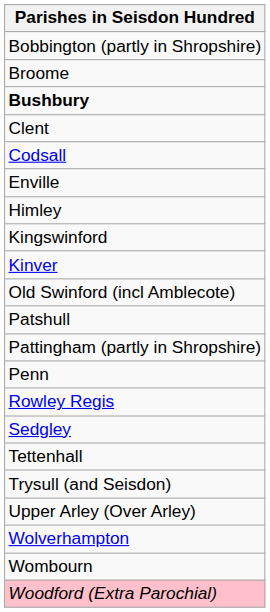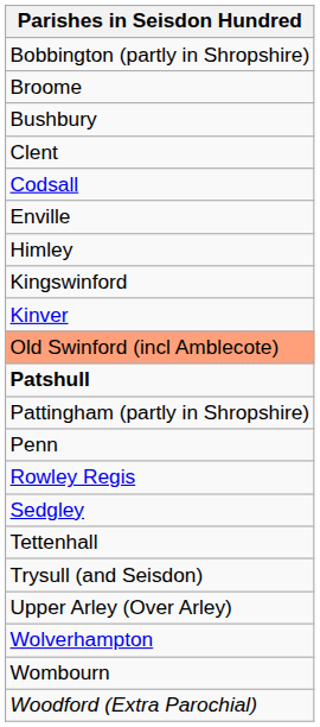 <table class="wikitable">
 <tr>
 <th><strong>Parishes in Seisdon Hundred</strong></th>
 </tr>
 <tr>
 <td>Bobbington (partly in Shropshire)</td>
 </tr>
 <tr>
 <td>Broome</td>
 </tr>
 <tr>
-<td><strong>Bushbury</strong></td>
+<td>Bushbury</td>
 </tr>
 <tr>
 <td>Clent</td>
 </tr>
 <tr>
 <td><a href='#'>Codsall</a></td>
 </tr>
 <tr>
 <td>Enville</td>
 </tr>
 <tr>
 <td>Himley</td>
 </tr>
 <tr>
 <td>Kingswinford</td>
 </tr>
 <tr>
 <td><a href='#'>Kinver</a></td>
 </tr>
 <tr>
-<td>Old Swinford (incl Amblecote)</td>
+<td style="background: lightsalmon;">Old Swinford (incl Amblecote)</td>
 </tr>
 <tr>
-<td>Patshull</td>
+<td><strong>Patshull</strong></td>
 </tr>
 <tr>
 <td>Pattingham  (partly in Shropshire)</td>
 </tr>
 <tr>
 <td>Penn</td>
 </tr>
 <tr>
 <td><a href='#'>Rowley Regis</a></td>
 </tr>
 <tr>
 <td><a href='#'>Sedgley</a></td>
 </tr>
 <tr>
 <td>Tettenhall</td>
 </tr>
 <tr>
 <td>Trysull (and Seisdon)</td>
 </tr>
 <tr>
 <td>Upper Arley (Over Arley)</td>
 </tr>
 <tr>
 <td><a href='#'>Wolverhampton</a></td>
 </tr>
 <tr>
 <td>Wombourn</td>
 </tr>
 <tr>
-<td style="background: pink;"><em>Woodford (Extra Parochial)</em></td>
+<td><em>Woodford (Extra Parochial)</em></td>
 </tr>
 </table>
